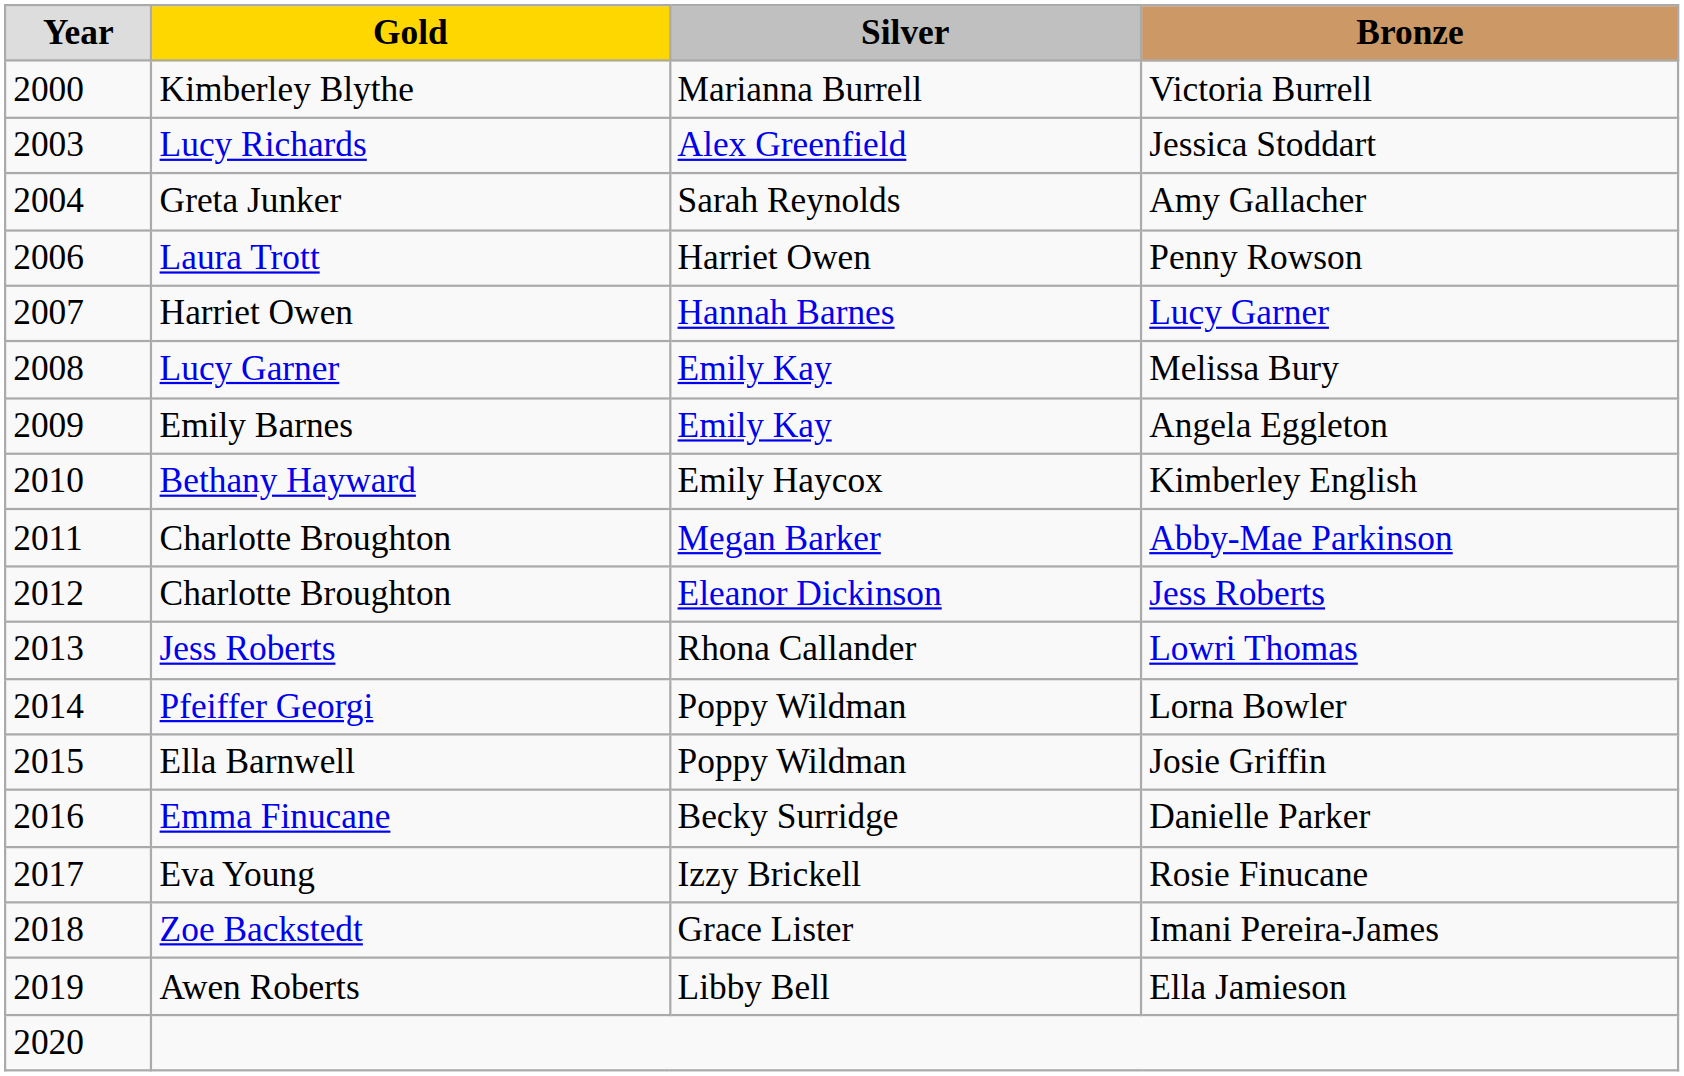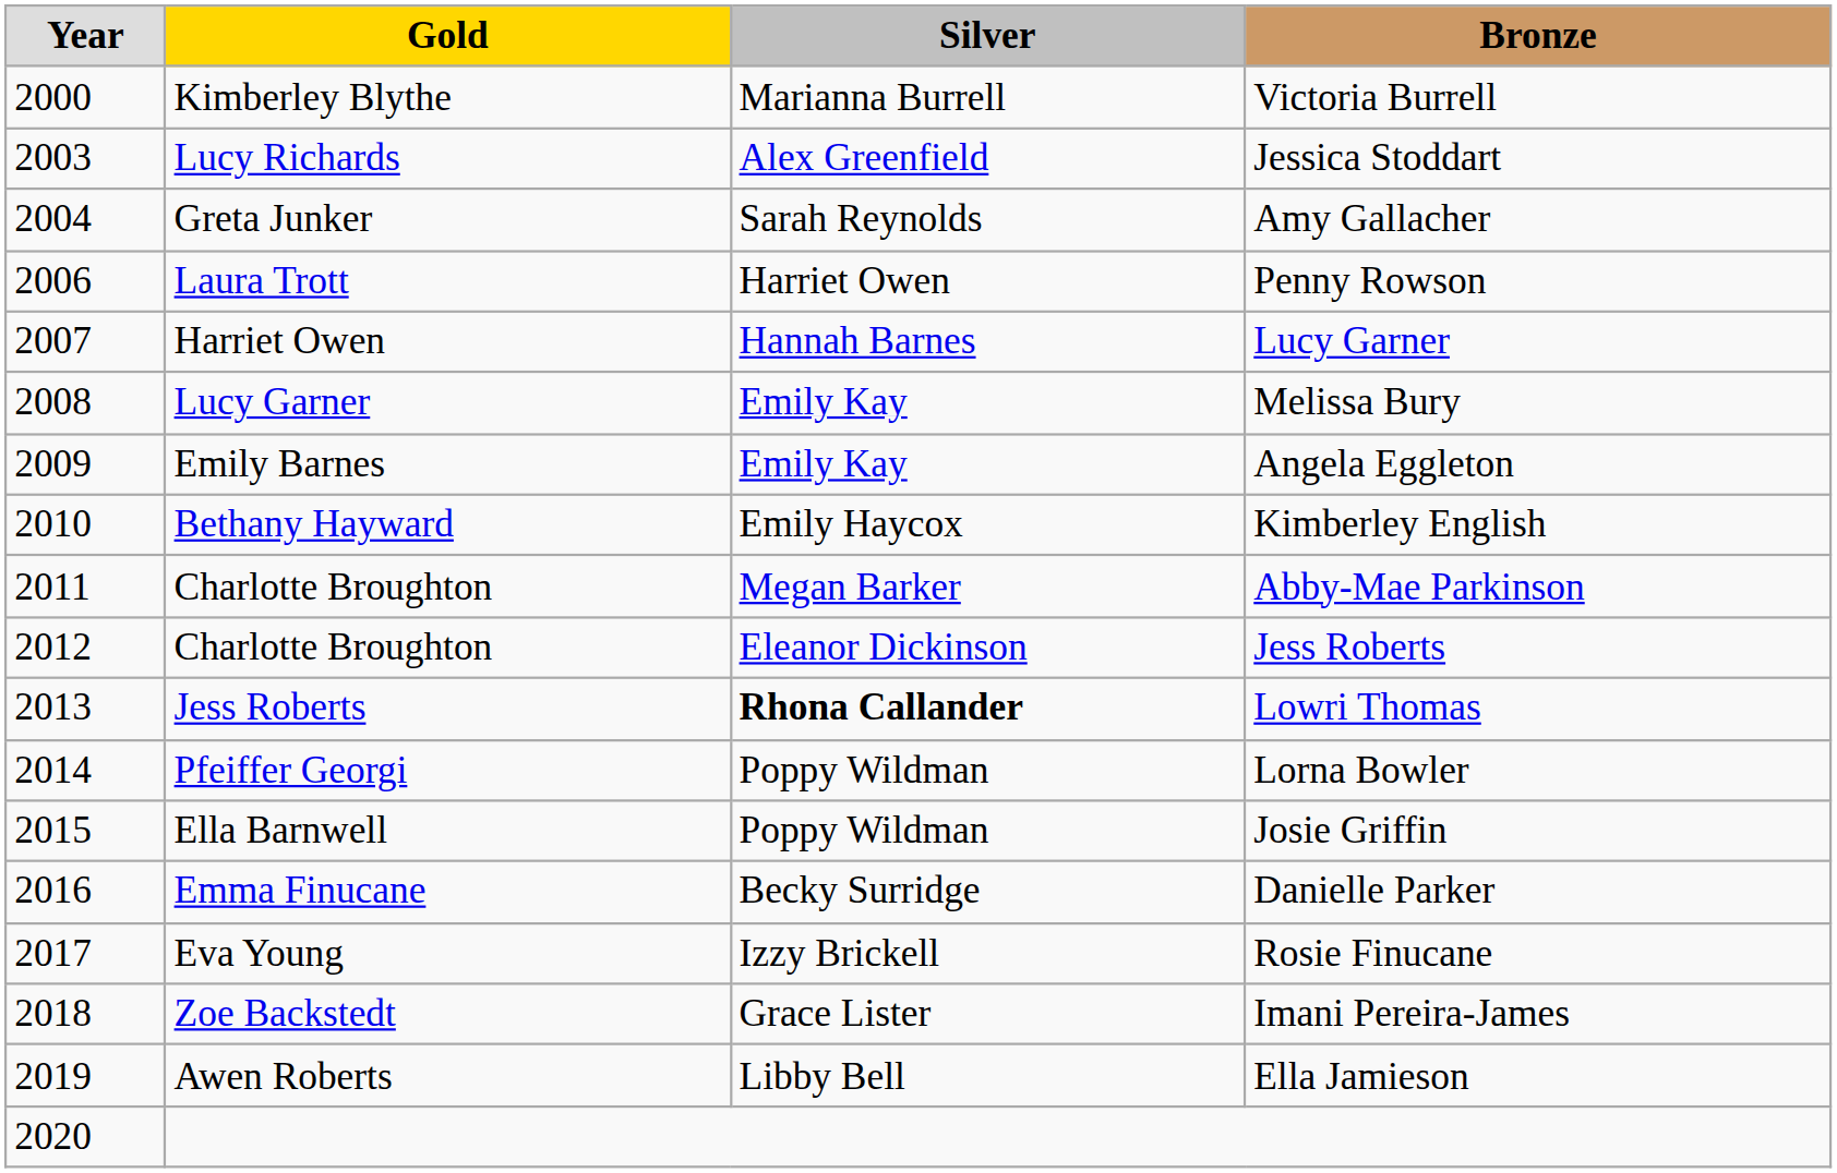 <table class="wikitable" style="width: 60%; text-align:left;">
 <tr>
 <td style="background:#DDDDDD; font-weight:bold; text-align:center;">Year</td>
 <td style="background:gold; font-weight:bold; text-align:center;">Gold</td>
 <td style="background:silver; font-weight:bold; text-align:center;">Silver</td>
 <td style="background:#cc9966; font-weight:bold; text-align:center;">Bronze</td>
 </tr>
 <tr>
 <td>2000</td>
 <td>Kimberley Blythe</td>
 <td>Marianna Burrell</td>
 <td>Victoria Burrell</td>
 </tr>
 <tr>
 <td>2003</td>
 <td><a href='#'>Lucy Richards</a></td>
 <td><a href='#'>Alex Greenfield</a></td>
 <td>Jessica Stoddart</td>
 </tr>
 <tr>
 <td>2004</td>
 <td>Greta Junker</td>
 <td>Sarah Reynolds</td>
 <td>Amy Gallacher</td>
 </tr>
 <tr>
 <td>2006</td>
 <td><a href='#'>Laura Trott</a></td>
 <td>Harriet Owen</td>
 <td>Penny Rowson</td>
 </tr>
 <tr>
 <td>2007</td>
 <td>Harriet Owen</td>
 <td><a href='#'>Hannah Barnes</a></td>
 <td><a href='#'>Lucy Garner</a></td>
 </tr>
 <tr>
 <td>2008</td>
 <td><a href='#'>Lucy Garner</a></td>
 <td><a href='#'>Emily Kay</a></td>
 <td>Melissa Bury</td>
 </tr>
 <tr>
 <td>2009</td>
 <td>Emily Barnes</td>
 <td><a href='#'>Emily Kay</a></td>
 <td>Angela Eggleton</td>
 </tr>
 <tr>
 <td>2010</td>
 <td><a href='#'>Bethany Hayward</a></td>
 <td>Emily Haycox</td>
 <td>Kimberley English</td>
 </tr>
 <tr>
 <td>2011</td>
 <td>Charlotte Broughton</td>
 <td><a href='#'>Megan Barker</a></td>
 <td><a href='#'>Abby-Mae Parkinson</a></td>
 </tr>
 <tr>
 <td>2012</td>
 <td>Charlotte Broughton</td>
 <td><a href='#'>Eleanor Dickinson</a></td>
 <td><a href='#'>Jess Roberts</a></td>
 </tr>
 <tr>
 <td>2013</td>
 <td><a href='#'>Jess Roberts</a></td>
-<td>Rhona Callander</td>
+<td><strong>Rhona Callander</strong></td>
 <td><a href='#'>Lowri Thomas</a></td>
 </tr>
 <tr>
 <td>2014</td>
 <td><a href='#'>Pfeiffer Georgi</a></td>
 <td>Poppy Wildman</td>
 <td>Lorna Bowler</td>
 </tr>
 <tr>
 <td>2015</td>
 <td>Ella Barnwell</td>
 <td>Poppy Wildman</td>
 <td>Josie Griffin</td>
 </tr>
 <tr>
 <td>2016</td>
 <td><a href='#'>Emma Finucane</a></td>
 <td>Becky Surridge</td>
 <td>Danielle Parker</td>
 </tr>
 <tr>
 <td>2017</td>
 <td>Eva Young</td>
 <td>Izzy Brickell</td>
 <td>Rosie Finucane</td>
 </tr>
 <tr>
 <td>2018</td>
 <td><a href='#'>Zoe Backstedt</a></td>
 <td>Grace Lister</td>
 <td>Imani Pereira-James</td>
 </tr>
 <tr>
 <td>2019</td>
 <td>Awen Roberts</td>
 <td>Libby Bell</td>
 <td>Ella Jamieson</td>
 </tr>
 <tr>
 <td>2020</td>
 </tr>
 </table>
